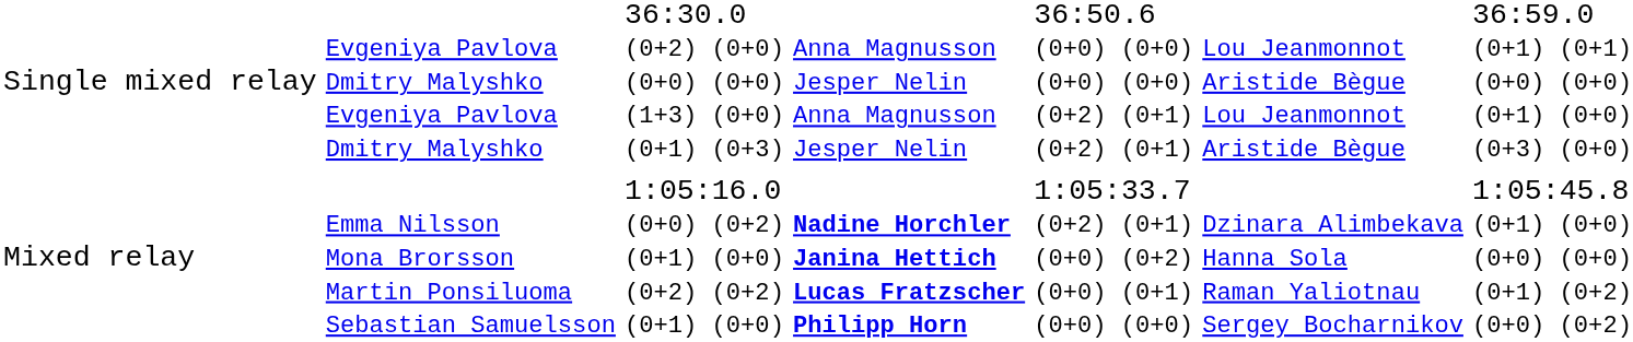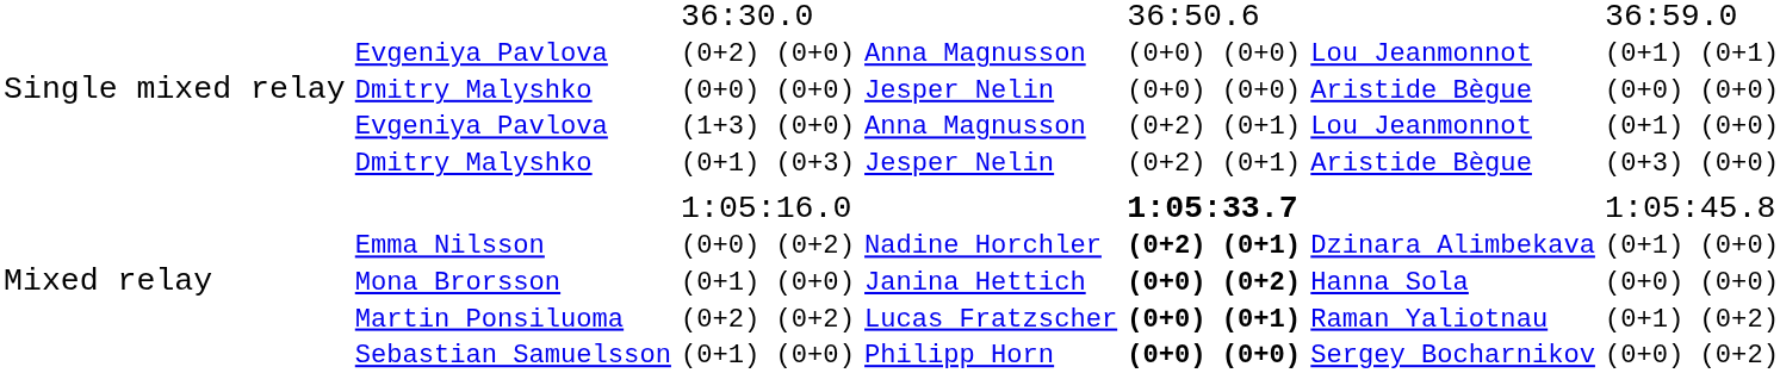 <table>
 <tr>
 <td>Single mixed relay<br><em></em></td>
 <td><br><small><a href='#'>Evgeniya Pavlova</a><br><a href='#'>Dmitry Malyshko</a><br><a href='#'>Evgeniya Pavlova</a><br><a href='#'>Dmitry Malyshko</a></small></td>
 <td>36:30.0<br><small>(0+2) (0+0)<br>(0+0) (0+0)<br>(1+3) (0+0)<br>(0+1) (0+3)</small></td>
 <td><br><small><a href='#'>Anna Magnusson</a><br><a href='#'>Jesper Nelin</a><br><a href='#'>Anna Magnusson</a><br><a href='#'>Jesper Nelin</a></small></td>
 <td>36:50.6<br><small>(0+0) (0+0)<br>(0+0) (0+0)<br>(0+2) (0+1)<br>(0+2) (0+1)</small></td>
 <td><br><small><a href='#'>Lou Jeanmonnot</a><br><a href='#'>Aristide Bègue</a><br><a href='#'>Lou Jeanmonnot</a><br><a href='#'>Aristide Bègue</a></small></td>
 <td>36:59.0<br><small>(0+1) (0+1)<br>(0+0) (0+0)<br>(0+1) (0+0)<br>(0+3) (0+0)</small></td>
 </tr>
 <tr>
 <td>Mixed relay<br><em></em></td>
 <td><br><small><a href='#'>Emma Nilsson</a><br><a href='#'>Mona Brorsson</a><br><a href='#'>Martin Ponsiluoma</a><br><a href='#'>Sebastian Samuelsson</a></small></td>
 <td>1:05:16.0<br><small>(0+0) (0+2)<br>(0+1) (0+0)<br>(0+2) (0+2)<br>(0+1) (0+0)</small></td>
-<td><strong><br><small><a href='#'>Nadine Horchler</a><br><a href='#'>Janina Hettich</a><br><a href='#'>Lucas Fratzscher</a><br><a href='#'>Philipp Horn</a></small></strong></td>
-<td>1:05:33.7<br><small>(0+2) (0+1)<br>(0+0) (0+2)<br>(0+0) (0+1)<br>(0+0) (0+0)</small></td>
+<td><br><small><a href='#'>Nadine Horchler</a><br><a href='#'>Janina Hettich</a><br><a href='#'>Lucas Fratzscher</a><br><a href='#'>Philipp Horn</a></small></td>
+<td><strong>1:05:33.7<br><small>(0+2) (0+1)<br>(0+0) (0+2)<br>(0+0) (0+1)<br>(0+0) (0+0)</small></strong></td>
 <td><br><small><a href='#'>Dzinara Alimbekava</a><br><a href='#'>Hanna Sola</a><br><a href='#'>Raman Yaliotnau</a><br><a href='#'>Sergey Bocharnikov</a></small></td>
 <td>1:05:45.8<br><small>(0+1) (0+0)<br>(0+0) (0+0)<br>(0+1) (0+2)<br>(0+0) (0+2)</small></td>
 </tr>
 </table>
